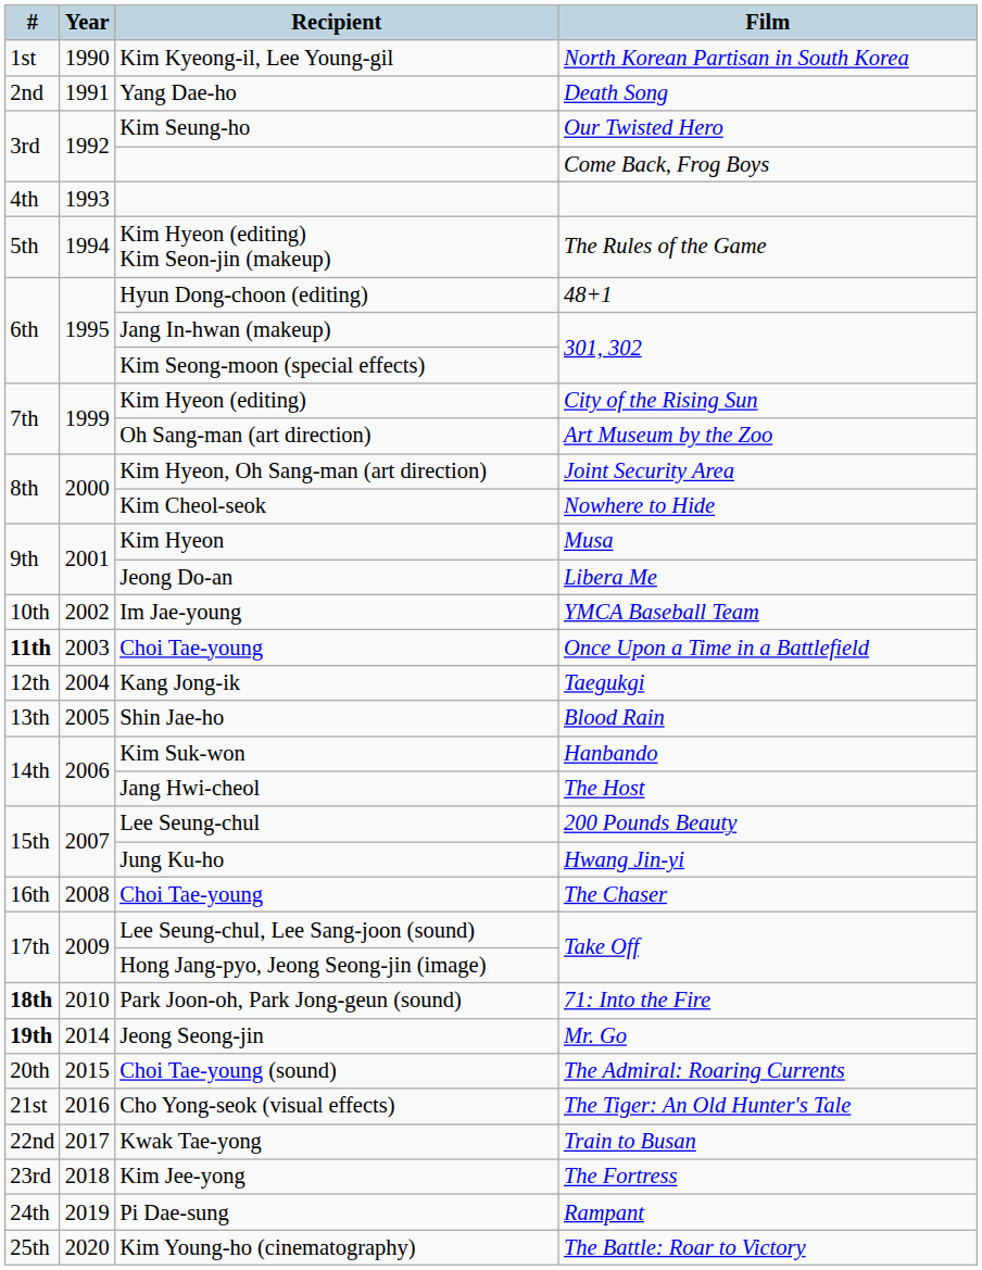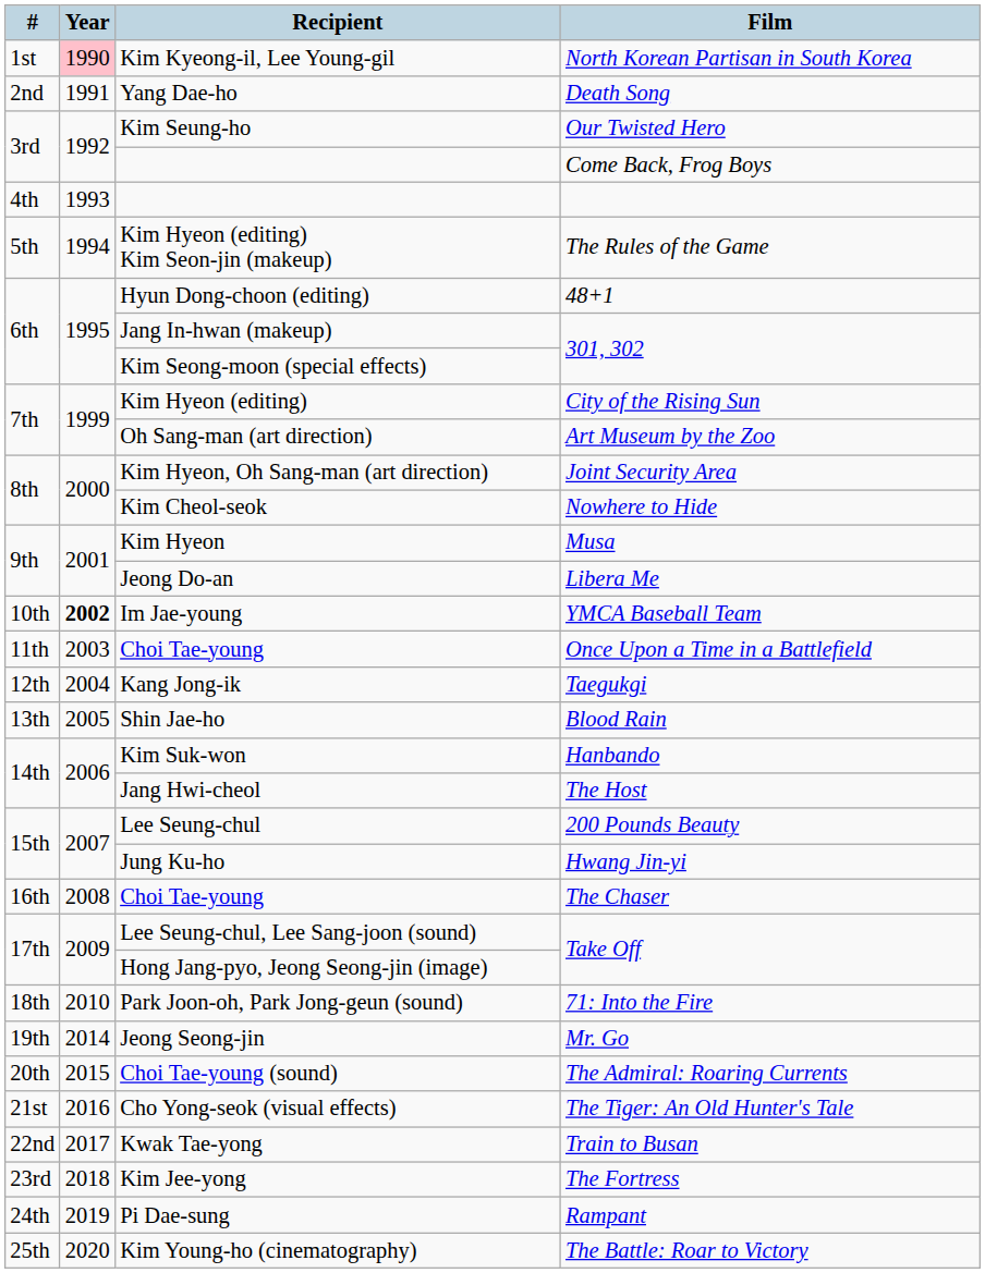 <table class="wikitable" style="width:700px">
 <tr>
 <th style="background:#BED5E1; width:10px">#</th>
 <th style="background:#BED5E1; width:10px">Year</th>
 <th style="background:#BED5E1;">Recipient</th>
 <th style="background:#BED5E1;">Film</th>
 </tr>
 <tr>
 <td>1st</td>
-<td>1990</td>
+<td style="background: pink;">1990</td>
 <td>Kim Kyeong-il, Lee Young-gil</td>
 <td><em><a href='#'>North Korean Partisan in South Korea</a></em></td>
 </tr>
 <tr>
 <td>2nd</td>
 <td>1991</td>
 <td>Yang Dae-ho</td>
 <td><em><a href='#'>Death Song</a></em></td>
 </tr>
 <tr>
 <td rowspan=2>3rd</td>
 <td rowspan=2>1992</td>
 <td>Kim Seung-ho</td>
 <td><em><a href='#'>Our Twisted Hero</a></em></td>
 </tr>
 <tr>
 <td></td>
 <td><em>Come Back, Frog Boys</em></td>
 </tr>
 <tr>
 <td>4th</td>
 <td>1993</td>
 <td></td>
 <td></td>
 </tr>
 <tr>
 <td>5th</td>
 <td>1994</td>
 <td>Kim Hyeon (editing) <br> Kim Seon-jin (makeup)</td>
 <td><em>The Rules of the Game</em></td>
 </tr>
 <tr>
 <td rowspan=3>6th</td>
 <td rowspan=3>1995</td>
 <td>Hyun Dong-choon (editing)</td>
 <td><em>48+1</em></td>
 </tr>
 <tr>
 <td>Jang In-hwan (makeup)</td>
 <td rowspan=2><em><a href='#'>301, 302</a></em></td>
 </tr>
 <tr>
 <td>Kim Seong-moon (special effects)</td>
 </tr>
 <tr>
 <td rowspan=2>7th</td>
 <td rowspan=2>1999</td>
 <td>Kim Hyeon (editing)</td>
 <td><em><a href='#'>City of the Rising Sun</a></em></td>
 </tr>
 <tr>
 <td>Oh Sang-man (art direction)</td>
 <td><em><a href='#'>Art Museum by the Zoo</a></em></td>
 </tr>
 <tr>
 <td rowspan=2>8th</td>
 <td rowspan=2>2000</td>
 <td>Kim Hyeon, Oh Sang-man (art direction)</td>
 <td><em><a href='#'>Joint Security Area</a></em></td>
 </tr>
 <tr>
 <td>Kim Cheol-seok</td>
 <td><em><a href='#'>Nowhere to Hide</a></em></td>
 </tr>
 <tr>
 <td rowspan=2>9th</td>
 <td rowspan=2>2001</td>
 <td>Kim Hyeon</td>
 <td><em><a href='#'>Musa</a></em></td>
 </tr>
 <tr>
 <td>Jeong Do-an</td>
 <td><em><a href='#'>Libera Me</a></em></td>
 </tr>
 <tr>
 <td>10th</td>
-<td>2002</td>
+<td><strong>2002</strong></td>
 <td>Im Jae-young</td>
 <td><em><a href='#'>YMCA Baseball Team</a></em></td>
 </tr>
 <tr>
-<td><strong>11th</strong></td>
+<td>11th</td>
 <td>2003</td>
 <td><a href='#'>Choi Tae-young</a></td>
 <td><em><a href='#'>Once Upon a Time in a Battlefield</a></em></td>
 </tr>
 <tr>
 <td>12th</td>
 <td>2004</td>
 <td>Kang Jong-ik</td>
 <td><em><a href='#'>Taegukgi</a></em></td>
 </tr>
 <tr>
 <td>13th</td>
 <td>2005</td>
 <td>Shin Jae-ho</td>
 <td><em><a href='#'>Blood Rain</a></em></td>
 </tr>
 <tr>
 <td rowspan=2>14th</td>
 <td rowspan=2>2006</td>
 <td>Kim Suk-won</td>
 <td><em><a href='#'>Hanbando</a></em></td>
 </tr>
 <tr>
 <td>Jang Hwi-cheol</td>
 <td><em><a href='#'>The Host</a></em></td>
 </tr>
 <tr>
 <td rowspan=2>15th</td>
 <td rowspan=2>2007</td>
 <td>Lee Seung-chul</td>
 <td><em><a href='#'>200 Pounds Beauty</a></em></td>
 </tr>
 <tr>
 <td>Jung Ku-ho</td>
 <td><em><a href='#'>Hwang Jin-yi</a></em></td>
 </tr>
 <tr>
 <td>16th</td>
 <td>2008</td>
 <td><a href='#'>Choi Tae-young</a></td>
 <td><em><a href='#'>The Chaser</a></em></td>
 </tr>
 <tr>
 <td rowspan=2>17th</td>
 <td rowspan=2>2009</td>
 <td>Lee Seung-chul, Lee Sang-joon (sound)</td>
 <td rowspan=2><em><a href='#'>Take Off</a></em></td>
 </tr>
 <tr>
 <td>Hong Jang-pyo, Jeong Seong-jin (image)</td>
 </tr>
 <tr>
-<td><strong>18th</strong></td>
+<td>18th</td>
 <td>2010</td>
 <td>Park Joon-oh, Park Jong-geun (sound)</td>
 <td><em><a href='#'>71: Into the Fire</a></em></td>
 </tr>
 <tr>
-<td><strong>19th</strong></td>
+<td>19th</td>
 <td>2014</td>
 <td>Jeong Seong-jin</td>
 <td><em><a href='#'>Mr. Go</a></em></td>
 </tr>
 <tr>
 <td>20th</td>
 <td>2015</td>
 <td><a href='#'>Choi Tae-young</a> (sound)</td>
 <td><em><a href='#'>The Admiral: Roaring Currents</a></em></td>
 </tr>
 <tr>
 <td>21st</td>
 <td>2016</td>
 <td>Cho Yong-seok (visual effects)</td>
 <td><em><a href='#'>The Tiger: An Old Hunter's Tale</a></em></td>
 </tr>
 <tr>
 <td>22nd</td>
 <td>2017</td>
 <td>Kwak Tae-yong</td>
 <td><em><a href='#'>Train to Busan</a></em></td>
 </tr>
 <tr>
 <td>23rd</td>
 <td>2018</td>
 <td>Kim Jee-yong</td>
 <td><em><a href='#'>The Fortress</a></em></td>
 </tr>
 <tr>
 <td>24th</td>
 <td>2019</td>
 <td>Pi Dae-sung</td>
 <td><em><a href='#'>Rampant</a></em></td>
 </tr>
 <tr>
 <td>25th</td>
 <td>2020</td>
 <td>Kim Young-ho (cinematography)</td>
 <td><em><a href='#'>The Battle: Roar to Victory</a></em></td>
 </tr>
 </table>
